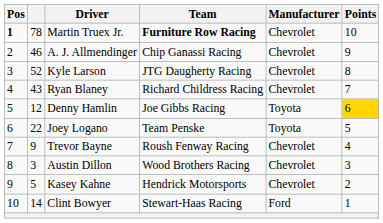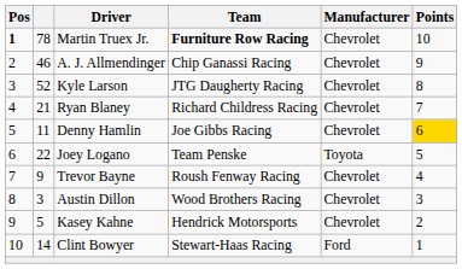 <table class="wikitable" style="font-size:98%">
 <tr>
 <th>Pos</th>
 <th></th>
 <th>Driver</th>
 <th>Team</th>
 <th>Manufacturer</th>
 <th>Points</th>
 </tr>
 <tr>
 <td><strong>1</strong></td>
 <td>78</td>
 <td>Martin Truex Jr.</td>
 <td><strong>Furniture Row Racing</strong></td>
 <td>Chevrolet</td>
 <td>10</td>
 </tr>
 <tr>
 <td>2</td>
 <td>46</td>
 <td>A. J. Allmendinger</td>
 <td>Chip Ganassi Racing</td>
 <td>Chevrolet</td>
 <td>9</td>
 </tr>
 <tr>
 <td>3</td>
 <td>52</td>
 <td>Kyle Larson</td>
 <td>JTG Daugherty Racing</td>
 <td>Chevrolet</td>
 <td>8</td>
 </tr>
 <tr>
 <td>4</td>
-<td>43</td>
+<td>21</td>
 <td>Ryan Blaney</td>
 <td>Richard Childress Racing</td>
 <td>Chevrolet</td>
 <td>7</td>
 </tr>
 <tr>
 <td>5</td>
-<td>12</td>
+<td>11</td>
 <td>Denny Hamlin</td>
 <td>Joe Gibbs Racing</td>
-<td>Toyota</td>
+<td>Chevrolet</td>
 <td style="background: gold;">6</td>
 </tr>
 <tr>
 <td>6</td>
 <td>22</td>
 <td>Joey Logano</td>
 <td>Team Penske</td>
 <td>Toyota</td>
 <td>5</td>
 </tr>
 <tr>
 <td>7</td>
 <td>9</td>
 <td>Trevor Bayne</td>
 <td>Roush Fenway Racing</td>
 <td>Chevrolet</td>
 <td>4</td>
 </tr>
 <tr>
 <td>8</td>
 <td>3</td>
 <td>Austin Dillon</td>
 <td>Wood Brothers Racing</td>
 <td>Chevrolet</td>
 <td>3</td>
 </tr>
 <tr>
 <td>9</td>
 <td>5</td>
 <td>Kasey Kahne</td>
 <td>Hendrick Motorsports</td>
 <td>Chevrolet</td>
 <td>2</td>
 </tr>
 <tr>
 <td>10</td>
 <td>14</td>
 <td>Clint Bowyer</td>
 <td>Stewart-Haas Racing</td>
 <td>Ford</td>
 <td>1</td>
 </tr>
 <tr>
 <th colspan="6"></th>
 </tr>
 </table>
